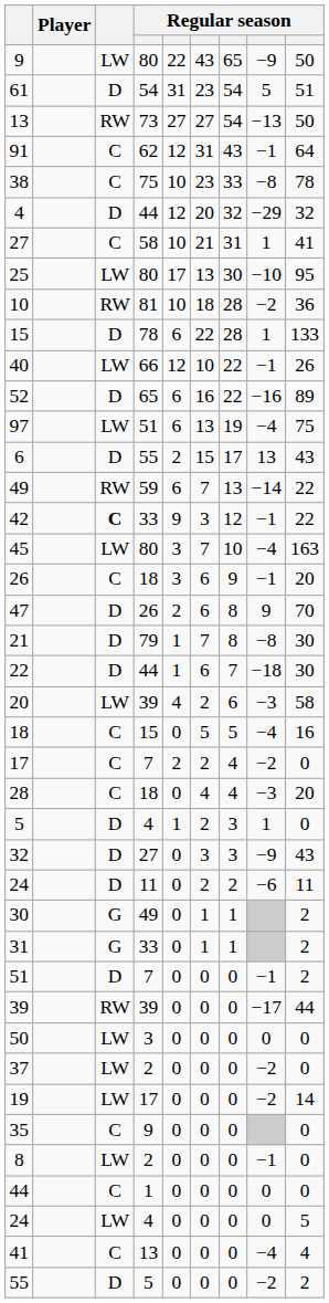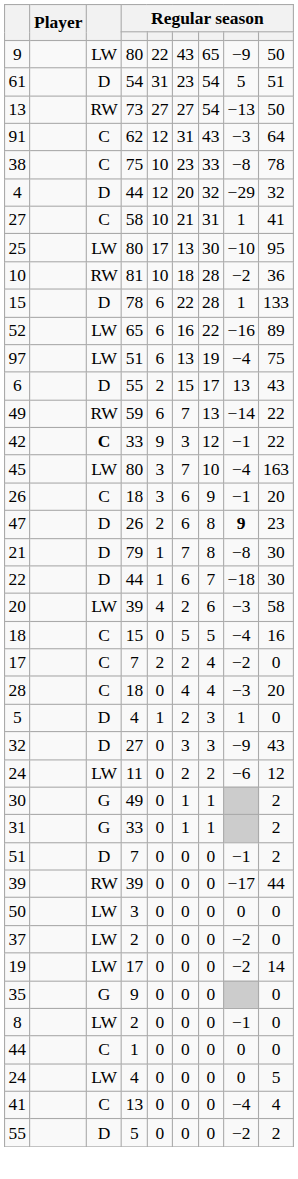 <table class="wikitable sortable plainrowheaders" style="text-align:center;">
 <tr>
 <th scope="col" data-sort-type="number" rowspan="2"></th>
 <th scope="col" rowspan="2">Player</th>
 <th scope="col" rowspan="2"></th>
 <th scope=colgroup colspan=6>Regular season</th>
 </tr>
 <tr>
 <th scope="col" data-sort-type="number"></th>
 <th scope="col" data-sort-type="number"></th>
 <th scope="col" data-sort-type="number"></th>
 <th scope="col" data-sort-type="number"></th>
 <th scope="col" data-sort-type="number"></th>
 <th scope="col" data-sort-type="number"></th>
 </tr>
 <tr>
 <td scope="row">9</td>
 <td align="left"></td>
 <td>LW</td>
 <td>80</td>
 <td>22</td>
 <td>43</td>
 <td>65</td>
 <td>−9</td>
 <td>50</td>
 </tr>
 <tr>
 <td scope="row">61</td>
 <td align="left"></td>
 <td>D</td>
 <td>54</td>
 <td>31</td>
 <td>23</td>
 <td>54</td>
 <td>5</td>
 <td>51</td>
 </tr>
 <tr>
 <td scope="row">13</td>
 <td align="left"></td>
 <td>RW</td>
 <td>73</td>
 <td>27</td>
 <td>27</td>
 <td>54</td>
 <td>−13</td>
 <td>50</td>
 </tr>
 <tr>
 <td scope="row">91</td>
 <td align="left"></td>
 <td>C</td>
 <td>62</td>
 <td>12</td>
 <td>31</td>
 <td>43</td>
-<td>−1</td>
+<td>−3</td>
 <td>64</td>
 </tr>
 <tr>
 <td scope="row">38</td>
 <td align="left"></td>
 <td>C</td>
 <td>75</td>
 <td>10</td>
 <td>23</td>
 <td>33</td>
 <td>−8</td>
 <td>78</td>
 </tr>
 <tr>
 <td scope="row">4</td>
 <td align="left"></td>
 <td>D</td>
 <td>44</td>
 <td>12</td>
 <td>20</td>
 <td>32</td>
 <td>−29</td>
 <td>32</td>
 </tr>
 <tr>
 <td scope="row">27</td>
 <td align="left"></td>
 <td>C</td>
 <td>58</td>
 <td>10</td>
 <td>21</td>
 <td>31</td>
 <td>1</td>
 <td>41</td>
 </tr>
 <tr>
 <td scope="row">25</td>
 <td align="left"></td>
 <td>LW</td>
 <td>80</td>
 <td>17</td>
 <td>13</td>
 <td>30</td>
 <td>−10</td>
 <td>95</td>
 </tr>
 <tr>
 <td scope="row">10</td>
 <td align="left"></td>
 <td>RW</td>
 <td>81</td>
 <td>10</td>
 <td>18</td>
 <td>28</td>
 <td>−2</td>
 <td>36</td>
 </tr>
 <tr>
 <td scope="row">15</td>
 <td align="left"></td>
 <td>D</td>
 <td>78</td>
 <td>6</td>
 <td>22</td>
 <td>28</td>
 <td>1</td>
 <td>133</td>
 </tr>
 <tr>
-<td scope="row">40</td>
+<td scope="row">52</td>
 <td align="left"></td>
 <td>LW</td>
-<td>66</td>
-<td>12</td>
-<td>10</td>
-<td>22</td>
-<td>−1</td>
-<td>26</td>
-</tr>
-<tr>
-<td scope="row">52</td>
-<td align="left"></td>
-<td>D</td>
 <td>65</td>
 <td>6</td>
 <td>16</td>
 <td>22</td>
 <td>−16</td>
 <td>89</td>
 </tr>
 <tr>
 <td scope="row">97</td>
 <td align="left"></td>
 <td>LW</td>
 <td>51</td>
 <td>6</td>
 <td>13</td>
 <td>19</td>
 <td>−4</td>
 <td>75</td>
 </tr>
 <tr>
 <td scope="row">6</td>
 <td align="left"></td>
 <td>D</td>
 <td>55</td>
 <td>2</td>
 <td>15</td>
 <td>17</td>
 <td>13</td>
 <td>43</td>
 </tr>
 <tr>
 <td scope="row">49</td>
 <td align="left"></td>
 <td>RW</td>
 <td>59</td>
 <td>6</td>
 <td>7</td>
 <td>13</td>
 <td>−14</td>
 <td>22</td>
 </tr>
 <tr>
 <td scope="row">42</td>
 <td align="left"></td>
 <td><strong>C</strong></td>
 <td>33</td>
 <td>9</td>
 <td>3</td>
 <td>12</td>
 <td>−1</td>
 <td>22</td>
 </tr>
 <tr>
 <td scope="row">45</td>
 <td align="left"></td>
 <td>LW</td>
 <td>80</td>
 <td>3</td>
 <td>7</td>
 <td>10</td>
 <td>−4</td>
 <td>163</td>
 </tr>
 <tr>
 <td scope="row">26</td>
 <td align="left"></td>
 <td>C</td>
 <td>18</td>
 <td>3</td>
 <td>6</td>
 <td>9</td>
 <td>−1</td>
 <td>20</td>
 </tr>
 <tr>
 <td scope="row">47</td>
 <td align="left"></td>
 <td>D</td>
 <td>26</td>
 <td>2</td>
 <td>6</td>
 <td>8</td>
-<td>9</td>
-<td>70</td>
+<td><strong>9</strong></td>
+<td>23</td>
 </tr>
 <tr>
 <td scope="row">21</td>
 <td align="left"></td>
 <td>D</td>
 <td>79</td>
 <td>1</td>
 <td>7</td>
 <td>8</td>
 <td>−8</td>
 <td>30</td>
 </tr>
 <tr>
 <td scope="row">22</td>
 <td align="left"></td>
 <td>D</td>
 <td>44</td>
 <td>1</td>
 <td>6</td>
 <td>7</td>
 <td>−18</td>
 <td>30</td>
 </tr>
 <tr>
 <td scope="row">20</td>
 <td align="left"></td>
 <td>LW</td>
 <td>39</td>
 <td>4</td>
 <td>2</td>
 <td>6</td>
 <td>−3</td>
 <td>58</td>
 </tr>
 <tr>
 <td scope="row">18</td>
 <td align="left"></td>
 <td>C</td>
 <td>15</td>
 <td>0</td>
 <td>5</td>
 <td>5</td>
 <td>−4</td>
 <td>16</td>
 </tr>
 <tr>
 <td scope="row">17</td>
 <td align="left"></td>
 <td>C</td>
 <td>7</td>
 <td>2</td>
 <td>2</td>
 <td>4</td>
 <td>−2</td>
 <td>0</td>
 </tr>
 <tr>
 <td scope="row">28</td>
 <td align="left"></td>
 <td>C</td>
 <td>18</td>
 <td>0</td>
 <td>4</td>
 <td>4</td>
 <td>−3</td>
 <td>20</td>
 </tr>
 <tr>
 <td scope="row">5</td>
 <td align="left"></td>
 <td>D</td>
 <td>4</td>
 <td>1</td>
 <td>2</td>
 <td>3</td>
 <td>1</td>
 <td>0</td>
 </tr>
 <tr>
 <td scope="row">32</td>
 <td align="left"></td>
 <td>D</td>
 <td>27</td>
 <td>0</td>
 <td>3</td>
 <td>3</td>
 <td>−9</td>
 <td>43</td>
 </tr>
 <tr>
 <td scope="row">24</td>
 <td align="left"></td>
-<td>D</td>
+<td>LW</td>
 <td>11</td>
 <td>0</td>
 <td>2</td>
 <td>2</td>
 <td>−6</td>
-<td>11</td>
+<td>12</td>
 </tr>
 <tr>
 <td scope="row">30</td>
 <td align="left"></td>
 <td>G</td>
 <td>49</td>
 <td>0</td>
 <td>1</td>
 <td>1</td>
 <td style="background:#ccc"></td>
 <td>2</td>
 </tr>
 <tr>
 <td scope="row">31</td>
 <td align="left"></td>
 <td>G</td>
 <td>33</td>
 <td>0</td>
 <td>1</td>
 <td>1</td>
 <td style="background:#ccc"></td>
 <td>2</td>
 </tr>
 <tr>
 <td scope="row">51</td>
 <td align="left"></td>
 <td>D</td>
 <td>7</td>
 <td>0</td>
 <td>0</td>
 <td>0</td>
 <td>−1</td>
 <td>2</td>
 </tr>
 <tr>
 <td scope="row">39</td>
 <td align="left"></td>
 <td>RW</td>
 <td>39</td>
 <td>0</td>
 <td>0</td>
 <td>0</td>
 <td>−17</td>
 <td>44</td>
 </tr>
 <tr>
 <td scope="row">50</td>
 <td align="left"></td>
 <td>LW</td>
 <td>3</td>
 <td>0</td>
 <td>0</td>
 <td>0</td>
 <td>0</td>
 <td>0</td>
 </tr>
 <tr>
 <td scope="row">37</td>
 <td align="left"></td>
 <td>LW</td>
 <td>2</td>
 <td>0</td>
 <td>0</td>
 <td>0</td>
 <td>−2</td>
 <td>0</td>
 </tr>
 <tr>
 <td scope="row">19</td>
 <td align="left"></td>
 <td>LW</td>
 <td>17</td>
 <td>0</td>
 <td>0</td>
 <td>0</td>
 <td>−2</td>
 <td>14</td>
 </tr>
 <tr>
 <td scope="row">35</td>
 <td align="left"></td>
-<td>C</td>
+<td>G</td>
 <td>9</td>
 <td>0</td>
 <td>0</td>
 <td>0</td>
 <td style="background:#ccc"></td>
 <td>0</td>
 </tr>
 <tr>
 <td scope="row">8</td>
 <td align="left"></td>
 <td>LW</td>
 <td>2</td>
 <td>0</td>
 <td>0</td>
 <td>0</td>
 <td>−1</td>
 <td>0</td>
 </tr>
 <tr>
 <td scope="row">44</td>
 <td align="left"></td>
 <td>C</td>
 <td>1</td>
 <td>0</td>
 <td>0</td>
 <td>0</td>
 <td>0</td>
 <td>0</td>
 </tr>
 <tr>
 <td scope="row">24</td>
 <td align="left"></td>
 <td>LW</td>
 <td>4</td>
 <td>0</td>
 <td>0</td>
 <td>0</td>
 <td>0</td>
 <td>5</td>
 </tr>
 <tr>
 <td scope="row">41</td>
 <td align="left"></td>
 <td>C</td>
 <td>13</td>
 <td>0</td>
 <td>0</td>
 <td>0</td>
 <td>−4</td>
 <td>4</td>
 </tr>
 <tr>
 <td scope="row">55</td>
 <td align="left"></td>
 <td>D</td>
 <td>5</td>
 <td>0</td>
 <td>0</td>
 <td>0</td>
 <td>−2</td>
 <td>2</td>
 </tr>
 </table>
